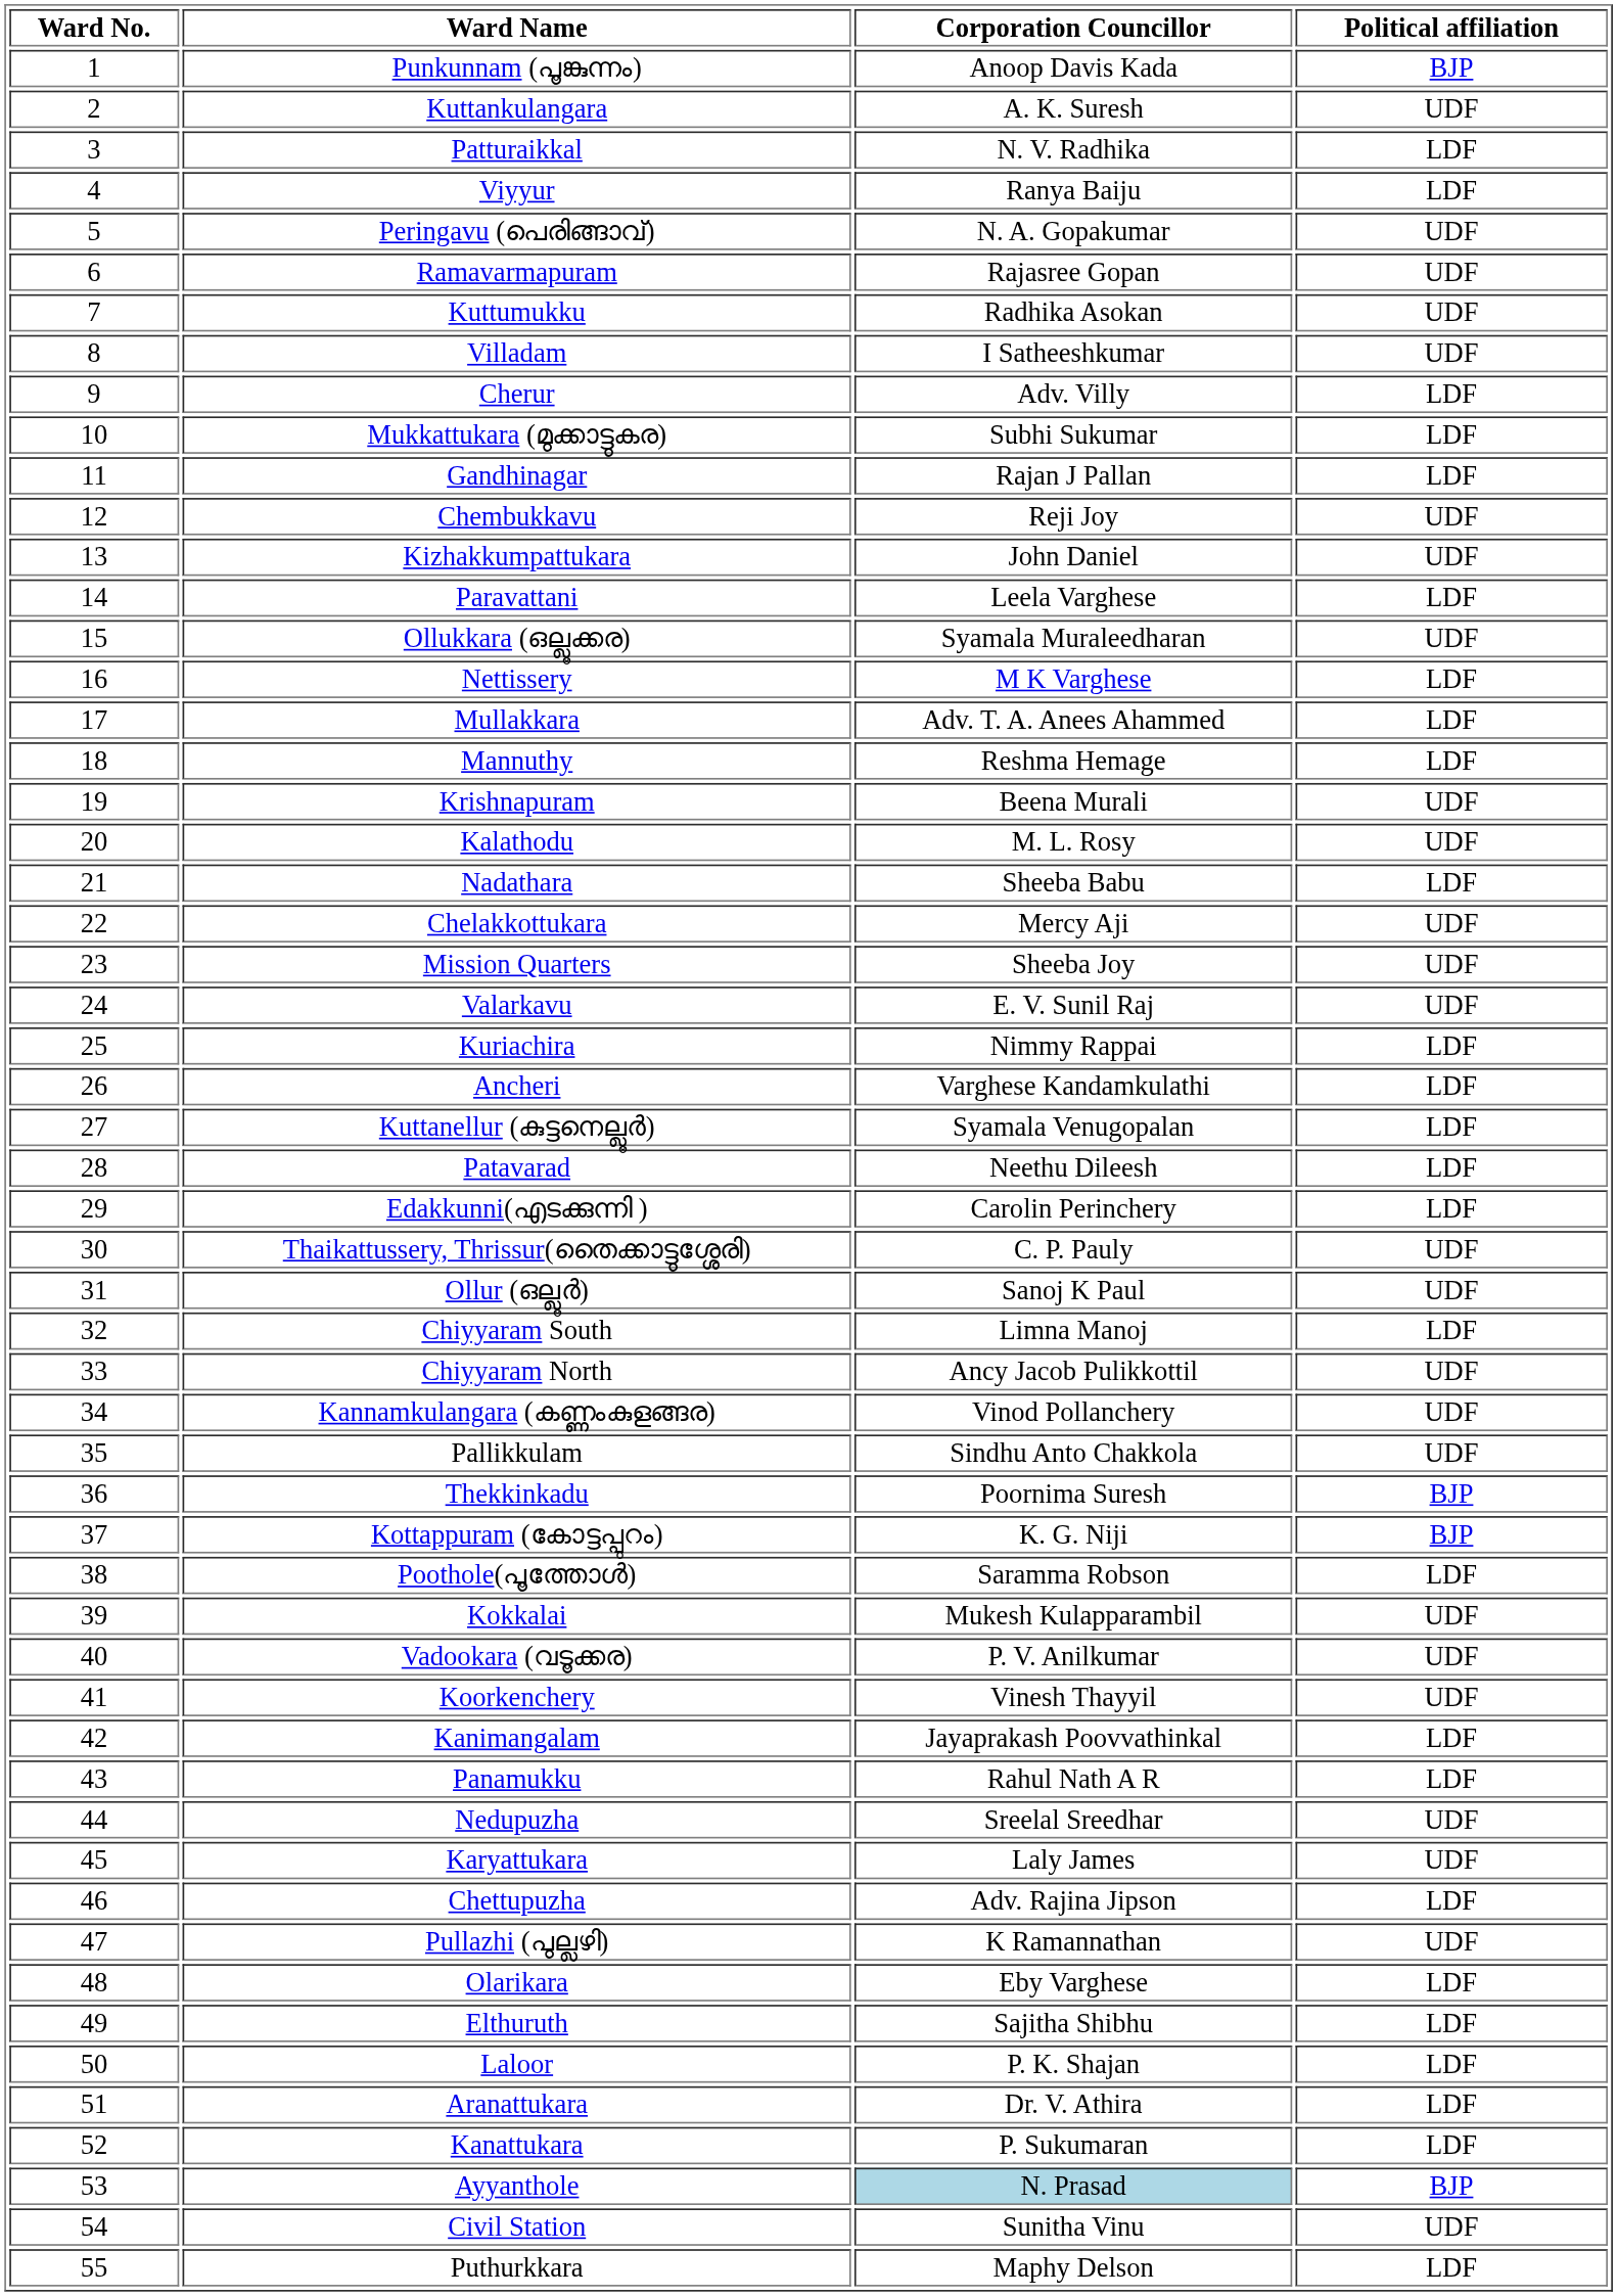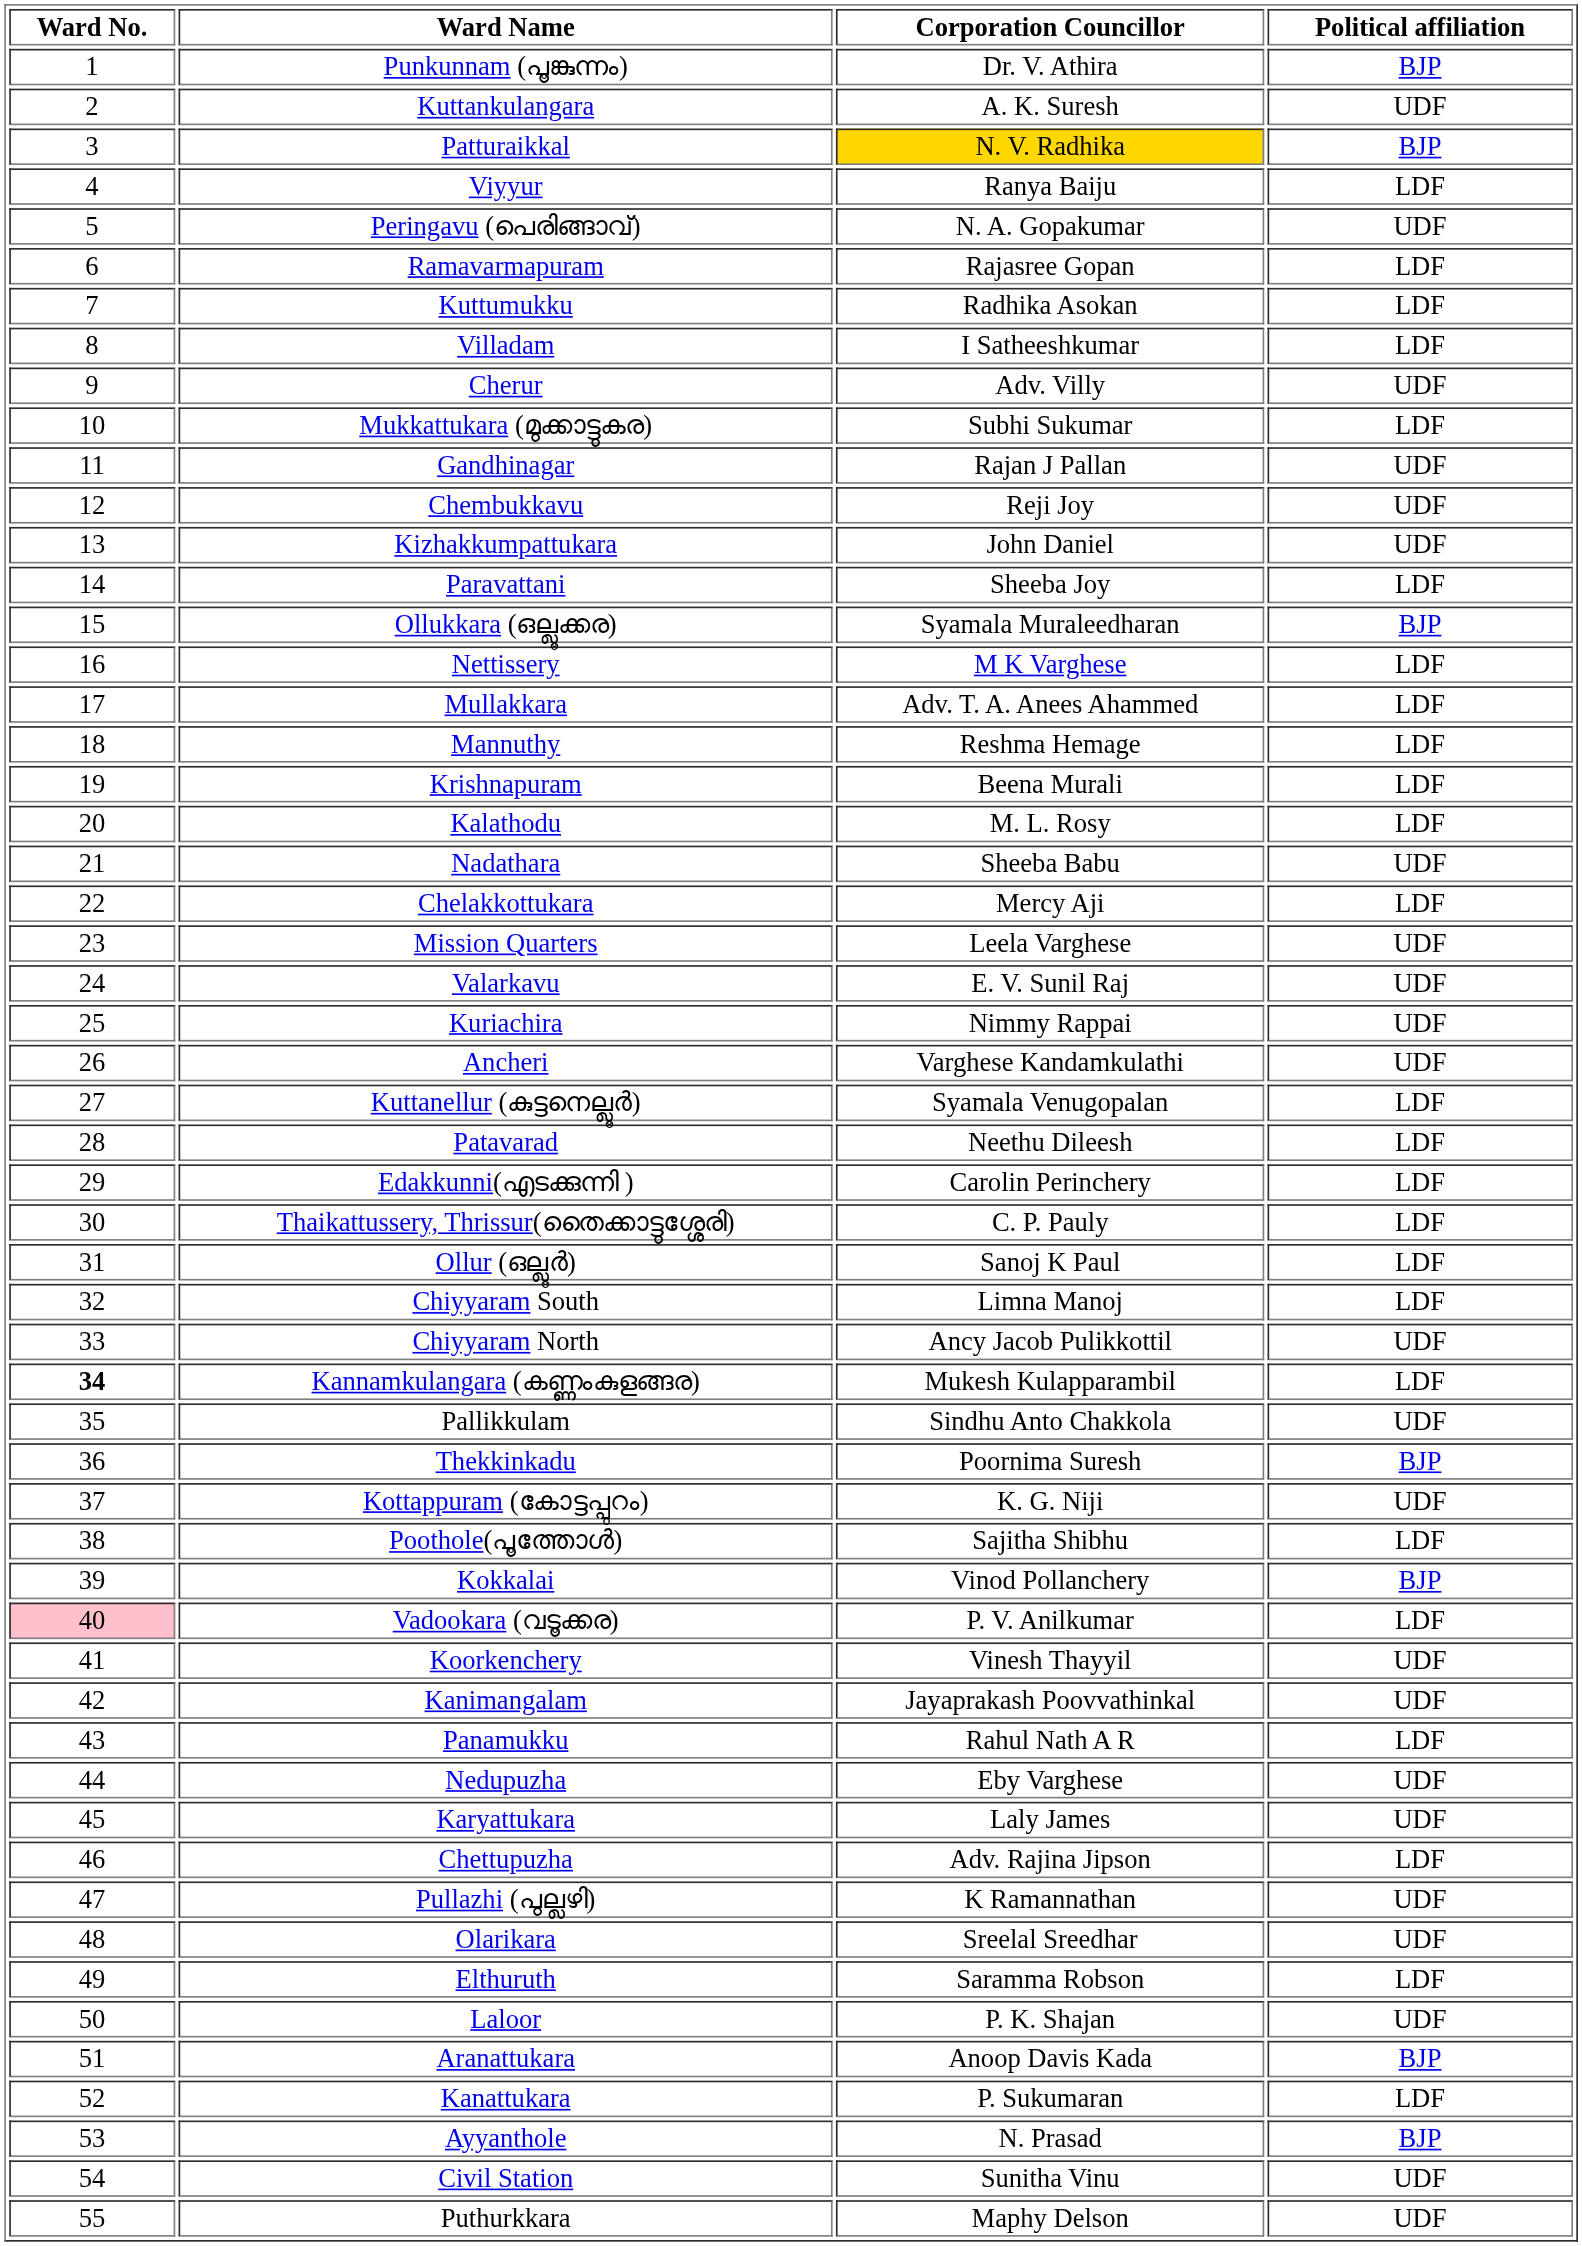 <table class="sortable" border="1" width="75%" align="center">
 <tr>
 <th>Ward No.</th>
 <th>Ward Name</th>
 <th>Corporation Councillor</th>
 <th>Political affiliation</th>
 </tr>
 <tr align="center">
 <td>1</td>
 <td><a href='#'>Punkunnam</a> (പൂങ്കുന്നം)</td>
-<td>Anoop Davis Kada</td>
+<td>Dr. V. Athira</td>
 <td><a href='#'>BJP</a></td>
 </tr>
 <tr align="center">
 <td>2</td>
 <td><a href='#'>Kuttankulangara</a></td>
 <td>A. K. Suresh</td>
 <td>UDF</td>
 </tr>
 <tr align="center">
 <td>3</td>
 <td><a href='#'>Patturaikkal</a></td>
-<td>N. V. Radhika</td>
-<td>LDF</td>
+<td style="background: gold;">N. V. Radhika</td>
+<td><a href='#'>BJP</a></td>
 </tr>
 <tr align="center">
 <td>4</td>
 <td><a href='#'>Viyyur</a></td>
 <td>Ranya Baiju</td>
 <td>LDF</td>
 </tr>
 <tr align="center">
 <td>5</td>
 <td><a href='#'>Peringavu</a> (പെരിങ്ങാവ്)</td>
 <td>N. A. Gopakumar</td>
 <td>UDF</td>
 </tr>
 <tr align="center">
 <td>6</td>
 <td><a href='#'>Ramavarmapuram</a></td>
 <td>Rajasree Gopan</td>
-<td>UDF</td>
+<td>LDF</td>
 </tr>
 <tr align="center">
 <td>7</td>
 <td><a href='#'>Kuttumukku</a></td>
 <td>Radhika Asokan</td>
-<td>UDF</td>
+<td>LDF</td>
 </tr>
 <tr align="center">
 <td>8</td>
 <td><a href='#'>Villadam</a></td>
 <td>I Satheeshkumar</td>
-<td>UDF</td>
+<td>LDF</td>
 </tr>
 <tr align="center">
 <td>9</td>
 <td><a href='#'>Cherur</a></td>
 <td>Adv. Villy</td>
-<td>LDF</td>
+<td>UDF</td>
 </tr>
 <tr align="center">
 <td>10</td>
 <td><a href='#'>Mukkattukara</a> (മുക്കാട്ടുകര)</td>
 <td>Subhi Sukumar</td>
 <td>LDF</td>
 </tr>
 <tr align="center">
 <td>11</td>
 <td><a href='#'>Gandhinagar</a></td>
 <td>Rajan J Pallan</td>
-<td>LDF</td>
+<td>UDF</td>
 </tr>
 <tr align="center">
 <td>12</td>
 <td><a href='#'>Chembukkavu</a></td>
 <td>Reji Joy</td>
 <td>UDF</td>
 </tr>
 <tr align="center">
 <td>13</td>
 <td><a href='#'>Kizhakkumpattukara</a></td>
 <td>John Daniel</td>
 <td>UDF</td>
 </tr>
 <tr align="center">
 <td>14</td>
 <td><a href='#'>Paravattani</a></td>
-<td>Leela Varghese</td>
+<td>Sheeba Joy</td>
 <td>LDF</td>
 </tr>
 <tr align="center">
 <td>15</td>
 <td><a href='#'>Ollukkara</a> (ഒല്ലൂക്കര)</td>
 <td>Syamala Muraleedharan</td>
-<td>UDF</td>
+<td><a href='#'>BJP</a></td>
 </tr>
 <tr align="center">
 <td>16</td>
 <td><a href='#'>Nettissery</a></td>
 <td><a href='#'>M K Varghese</a></td>
 <td>LDF</td>
 </tr>
 <tr align="center">
 <td>17</td>
 <td><a href='#'>Mullakkara</a></td>
 <td>Adv. T. A. Anees Ahammed</td>
 <td>LDF</td>
 </tr>
 <tr align="center">
 <td>18</td>
 <td><a href='#'>Mannuthy</a></td>
 <td>Reshma Hemage</td>
 <td>LDF</td>
 </tr>
 <tr align="center">
 <td>19</td>
 <td><a href='#'>Krishnapuram</a></td>
 <td>Beena Murali</td>
-<td>UDF</td>
+<td>LDF</td>
 </tr>
 <tr align="center">
 <td>20</td>
 <td><a href='#'>Kalathodu</a></td>
 <td>M. L. Rosy</td>
-<td>UDF</td>
+<td>LDF</td>
 </tr>
 <tr align="center">
 <td>21</td>
 <td><a href='#'>Nadathara</a></td>
 <td>Sheeba Babu</td>
-<td>LDF</td>
+<td>UDF</td>
 </tr>
 <tr align="center">
 <td>22</td>
 <td><a href='#'>Chelakkottukara</a></td>
 <td>Mercy Aji</td>
-<td>UDF</td>
+<td>LDF</td>
 </tr>
 <tr align="center">
 <td>23</td>
 <td><a href='#'>Mission Quarters</a></td>
-<td>Sheeba Joy</td>
+<td>Leela Varghese</td>
 <td>UDF</td>
 </tr>
 <tr align="center">
 <td>24</td>
 <td><a href='#'>Valarkavu</a></td>
 <td>E. V. Sunil Raj</td>
 <td>UDF</td>
 </tr>
 <tr align="center">
 <td>25</td>
 <td><a href='#'>Kuriachira</a></td>
 <td>Nimmy Rappai</td>
-<td>LDF</td>
+<td>UDF</td>
 </tr>
 <tr align="center">
 <td>26</td>
 <td><a href='#'>Ancheri</a></td>
 <td>Varghese Kandamkulathi</td>
-<td>LDF</td>
+<td>UDF</td>
 </tr>
 <tr align="center">
 <td>27</td>
 <td><a href='#'>Kuttanellur</a> (കുട്ടനെല്ലൂര്‍)</td>
 <td>Syamala Venugopalan</td>
 <td>LDF</td>
 </tr>
 <tr align="center">
 <td>28</td>
 <td><a href='#'>Patavarad</a></td>
 <td>Neethu Dileesh</td>
 <td>LDF</td>
 </tr>
 <tr align="center">
 <td>29</td>
 <td><a href='#'>Edakkunni</a>(എടക്കുന്നി )</td>
 <td>Carolin Perinchery</td>
 <td>LDF</td>
 </tr>
 <tr align="center">
 <td>30</td>
 <td><a href='#'>Thaikattussery, Thrissur</a>(തൈക്കാട്ടുശ്ശേരി)</td>
 <td>C. P. Pauly</td>
-<td>UDF</td>
+<td>LDF</td>
 </tr>
 <tr align="center">
 <td>31</td>
 <td><a href='#'>Ollur</a> (ഒല്ലൂര്‍)</td>
 <td>Sanoj K Paul</td>
-<td>UDF</td>
+<td>LDF</td>
 </tr>
 <tr align="center">
 <td>32</td>
 <td><a href='#'>Chiyyaram</a> South</td>
 <td>Limna Manoj</td>
 <td>LDF</td>
 </tr>
 <tr align="center">
 <td>33</td>
 <td><a href='#'>Chiyyaram</a> North</td>
 <td>Ancy Jacob Pulikkottil</td>
 <td>UDF</td>
 </tr>
 <tr align="center">
-<td>34</td>
+<td><strong>34</strong></td>
 <td><a href='#'>Kannamkulangara</a> (കണ്ണംകുളങ്ങര)</td>
-<td>Vinod Pollanchery</td>
-<td>UDF</td>
+<td>Mukesh Kulapparambil</td>
+<td>LDF</td>
 </tr>
 <tr align="center">
 <td>35</td>
 <td>Pallikkulam</td>
 <td>Sindhu Anto Chakkola</td>
 <td>UDF</td>
 </tr>
 <tr align="center">
 <td>36</td>
 <td><a href='#'>Thekkinkadu</a></td>
 <td>Poornima Suresh</td>
 <td><a href='#'>BJP</a></td>
 </tr>
 <tr align="center">
 <td>37</td>
 <td><a href='#'>Kottappuram</a> (കോട്ടപ്പുറം)</td>
 <td>K. G. Niji</td>
-<td><a href='#'>BJP</a></td>
+<td>UDF</td>
 </tr>
 <tr align="center">
 <td>38</td>
 <td><a href='#'>Poothole</a>(പൂത്തോള്‍)</td>
-<td>Saramma Robson</td>
+<td>Sajitha Shibhu</td>
 <td>LDF</td>
 </tr>
 <tr align="center">
 <td>39</td>
 <td><a href='#'>Kokkalai</a></td>
-<td>Mukesh Kulapparambil</td>
-<td>UDF</td>
+<td>Vinod Pollanchery</td>
+<td><a href='#'>BJP</a></td>
 </tr>
 <tr align="center">
-<td>40</td>
+<td style="background: pink;">40</td>
 <td><a href='#'>Vadookara</a> (വടൂക്കര)</td>
 <td>P. V. Anilkumar</td>
-<td>UDF</td>
+<td>LDF</td>
 </tr>
 <tr align="center">
 <td>41</td>
 <td><a href='#'>Koorkenchery</a></td>
 <td>Vinesh Thayyil</td>
 <td>UDF</td>
 </tr>
 <tr align="center">
 <td>42</td>
 <td><a href='#'>Kanimangalam</a></td>
 <td>Jayaprakash Poovvathinkal</td>
-<td>LDF</td>
+<td>UDF</td>
 </tr>
 <tr align="center">
 <td>43</td>
 <td><a href='#'>Panamukku</a></td>
 <td>Rahul Nath A R</td>
 <td>LDF</td>
 </tr>
 <tr align="center">
 <td>44</td>
 <td><a href='#'>Nedupuzha</a></td>
-<td>Sreelal Sreedhar</td>
+<td>Eby Varghese</td>
 <td>UDF</td>
 </tr>
 <tr align="center">
 <td>45</td>
 <td><a href='#'>Karyattukara</a></td>
 <td>Laly James</td>
 <td>UDF</td>
 </tr>
 <tr align="center">
 <td>46</td>
 <td><a href='#'>Chettupuzha</a></td>
 <td>Adv. Rajina Jipson</td>
 <td>LDF</td>
 </tr>
 <tr align="center">
 <td>47</td>
 <td><a href='#'>Pullazhi</a> (പുല്ലഴി)</td>
 <td>K Ramannathan</td>
 <td>UDF</td>
 </tr>
 <tr align="center">
 <td>48</td>
 <td><a href='#'>Olarikara</a></td>
-<td>Eby Varghese</td>
-<td>LDF</td>
+<td>Sreelal Sreedhar</td>
+<td>UDF</td>
 </tr>
 <tr align="center">
 <td>49</td>
 <td><a href='#'>Elthuruth</a></td>
-<td>Sajitha Shibhu</td>
+<td>Saramma Robson</td>
 <td>LDF</td>
 </tr>
 <tr align="center">
 <td>50</td>
 <td><a href='#'>Laloor</a></td>
 <td>P. K. Shajan</td>
-<td>LDF</td>
+<td>UDF</td>
 </tr>
 <tr align="center">
 <td>51</td>
 <td><a href='#'>Aranattukara</a></td>
-<td>Dr. V. Athira</td>
-<td>LDF</td>
+<td>Anoop Davis Kada</td>
+<td><a href='#'>BJP</a></td>
 </tr>
 <tr align="center">
 <td>52</td>
 <td><a href='#'>Kanattukara</a></td>
 <td>P. Sukumaran</td>
 <td>LDF</td>
 </tr>
 <tr align="center">
 <td>53</td>
 <td><a href='#'>Ayyanthole</a></td>
-<td style="background: lightblue;">N. Prasad</td>
+<td>N. Prasad</td>
 <td><a href='#'>BJP</a></td>
 </tr>
 <tr align="center">
 <td>54</td>
 <td><a href='#'>Civil Station</a></td>
 <td>Sunitha Vinu</td>
 <td>UDF</td>
 </tr>
 <tr align="center">
 <td>55</td>
 <td>Puthurkkara</td>
 <td>Maphy Delson</td>
-<td>LDF</td>
+<td>UDF</td>
 </tr>
 </table>
